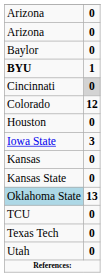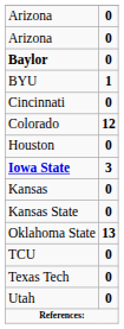 <table class="wikitable sortable">
 <tr>
 </tr>
 <tr>
 <td>Arizona</td>
 <td style="text-align: center;"><strong>0</strong></td>
 </tr>
 <tr>
 <td>Arizona</td>
 <td style="text-align: center;"><strong>0</strong></td>
 </tr>
 <tr>
-<td>Baylor</td>
+<td><strong>Baylor</strong></td>
 <td style="text-align: center;"><strong>0</strong></td>
 </tr>
 <tr>
-<td><strong>BYU</strong></td>
+<td>BYU</td>
 <td style="text-align: center;"><strong>1</strong></td>
 </tr>
 <tr>
 <td>Cincinnati</td>
-<td style="background: lightgrey; text-align: center;"><strong>0</strong></td>
+<td style="text-align: center;"><strong>0</strong></td>
 </tr>
 <tr>
 <td>Colorado</td>
 <td style="text-align: center;"><strong>12</strong></td>
 </tr>
 <tr>
 <td>Houston</td>
 <td style="text-align: center;"><strong>0</strong></td>
 </tr>
 <tr>
-<td><a href='#'>Iowa State</a></td>
+<td><strong><a href='#'>Iowa State</a></strong></td>
 <td style="text-align: center;"><strong>3</strong></td>
 </tr>
 <tr>
 <td>Kansas</td>
 <td style="text-align: center;"><strong>0</strong></td>
 </tr>
 <tr>
 <td>Kansas State</td>
 <td style="text-align: center;"><strong>0</strong></td>
 </tr>
 <tr>
-<td style="background: lightblue;">Oklahoma State</td>
+<td>Oklahoma State</td>
 <td style="text-align: center;"><strong>13</strong></td>
 </tr>
 <tr>
 <td>TCU</td>
 <td style="text-align: center;"><strong>0</strong></td>
 </tr>
 <tr>
 <td>Texas Tech</td>
 <td style="text-align: center;"><strong>0</strong></td>
 </tr>
 <tr>
 <td>Utah</td>
 <td style="text-align: center;"><strong>0</strong></td>
 </tr>
 <tr>
 <td colspan="2"  style="font-size:8pt; text-align:center;"><strong>References:</strong></td>
 </tr>
 </table>
